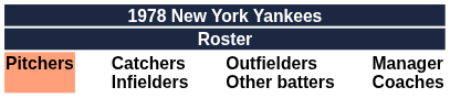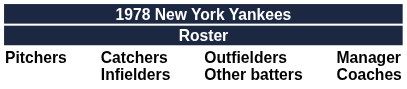 <table class="toccolours" style="font-size: 95%;">
 <tr>
 <th colspan="10" style="background-color: #1c2841; color: white; text-align: center;">1978 New York Yankees</th>
 </tr>
 <tr>
 <td colspan="10" style="background-color: #1c2841; color: white; text-align: center;"><strong>Roster</strong></td>
 </tr>
 <tr>
-<td valign="top" style="background: lightsalmon;"><strong>Pitchers</strong><br>                </td>
+<td valign="top"><strong>Pitchers</strong><br>                </td>
 <td width="25px"></td>
 <td valign="top"><strong>Catchers</strong><br>    <strong>Infielders</strong>           </td>
 <td width="25px"></td>
 <td valign="top"><strong>Outfielders</strong><br>        <strong>Other batters</strong> </td>
 <td width="25px"></td>
 <td valign="top"><strong>Manager</strong><br>   <strong>Coaches</strong>  </small> </small> </small>  </td>
 </tr>
 </table>
